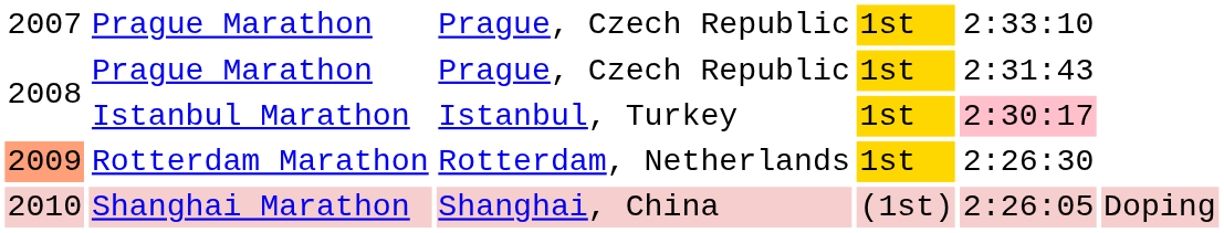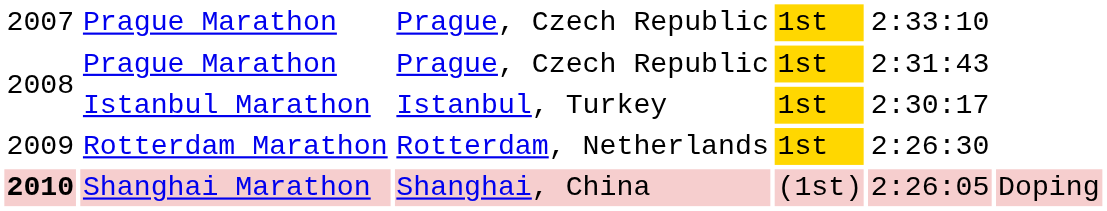 <table>
 <tr>
 <td>2007</td>
 <td><a href='#'>Prague Marathon</a></td>
 <td><a href='#'>Prague</a>, Czech Republic</td>
 <td bgcolor=gold>1st</td>
 <td>2:33:10</td>
 </tr>
 <tr>
 <td rowspan=2>2008</td>
 <td><a href='#'>Prague Marathon</a></td>
 <td><a href='#'>Prague</a>, Czech Republic</td>
 <td bgcolor=gold>1st</td>
 <td>2:31:43</td>
 </tr>
 <tr>
 <td><a href='#'>Istanbul Marathon</a></td>
 <td><a href='#'>Istanbul</a>, Turkey</td>
 <td bgcolor=gold>1st</td>
-<td style="background: pink;">2:30:17</td>
+<td>2:30:17</td>
 </tr>
 <tr>
-<td style="background: lightsalmon;">2009</td>
+<td>2009</td>
 <td><a href='#'>Rotterdam Marathon</a></td>
 <td><a href='#'>Rotterdam</a>, Netherlands</td>
 <td bgcolor=gold>1st</td>
 <td>2:26:30</td>
 </tr>
 <tr bgcolor=#F6CECE>
-<td>2010</td>
+<td><strong>2010</strong></td>
 <td><a href='#'>Shanghai Marathon</a></td>
 <td><a href='#'>Shanghai</a>, China</td>
 <td> (1st)</td>
 <td>2:26:05</td>
 <td>Doping</td>
 </tr>
 </table>
